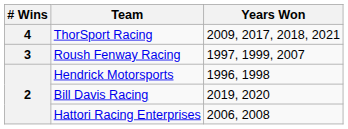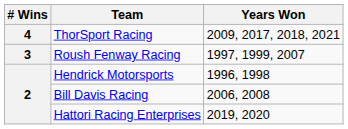 <table class="wikitable" style="font-size: 95%;">
 <tr>
 <th># Wins</th>
 <th>Team</th>
 <th>Years Won</th>
 </tr>
 <tr>
 <th>4</th>
 <td><a href='#'>ThorSport Racing</a></td>
 <td>2009, 2017, 2018, 2021</td>
 </tr>
 <tr>
 <th>3</th>
 <td><a href='#'>Roush Fenway Racing</a></td>
 <td>1997, 1999, 2007</td>
 </tr>
 <tr>
 <th rowspan="3">2</th>
 <td><a href='#'>Hendrick Motorsports</a></td>
 <td>1996, 1998</td>
 </tr>
 <tr>
 <td><a href='#'>Bill Davis Racing</a></td>
-<td>2019, 2020</td>
+<td>2006, 2008</td>
 </tr>
 <tr>
 <td><a href='#'>Hattori Racing Enterprises</a></td>
-<td>2006, 2008</td>
+<td>2019, 2020</td>
 </tr>
 </table>
